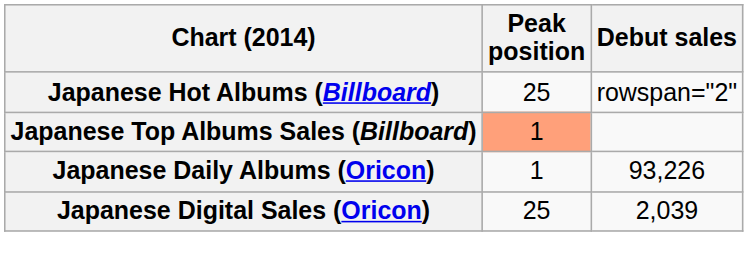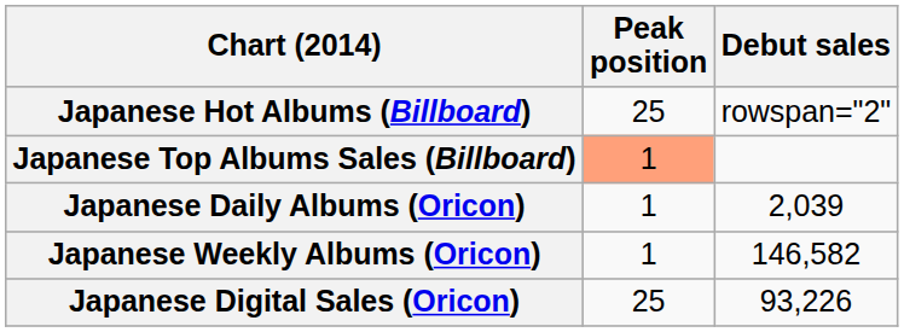 <table class="wikitable plainrowheaders" style="text-align:center">
 <tr>
 <th scope="col">Chart (2014)</th>
 <th scope="col">Peak<br>position</th>
 <th scope="col">Debut sales</th>
 </tr>
 <tr>
 <th scope="row">Japanese Hot Albums (<em><a href='#'>Billboard</a></em>)</th>
 <td>25</td>
 <td>rowspan="2" </td>
 </tr>
 <tr>
 <th scope="row">Japanese Top Albums Sales (<em>Billboard</em>)</th>
 <td style="background: lightsalmon;">1</td>
 </tr>
 <tr>
 <th scope="row">Japanese Daily Albums (<a href='#'>Oricon</a>)</th>
 <td>1</td>
-<td>93,226</td>
+<td>2,039</td>
+</tr>
+<tr>
+<th scope="row">Japanese Weekly Albums (<a href='#'>Oricon</a>)</th>
+<td>1</td>
+<td>146,582</td>
 </tr>
 <tr>
 <th scope="row">Japanese Digital Sales (<a href='#'>Oricon</a>)</th>
 <td>25</td>
-<td>2,039</td>
+<td>93,226</td>
 </tr>
 </table>
